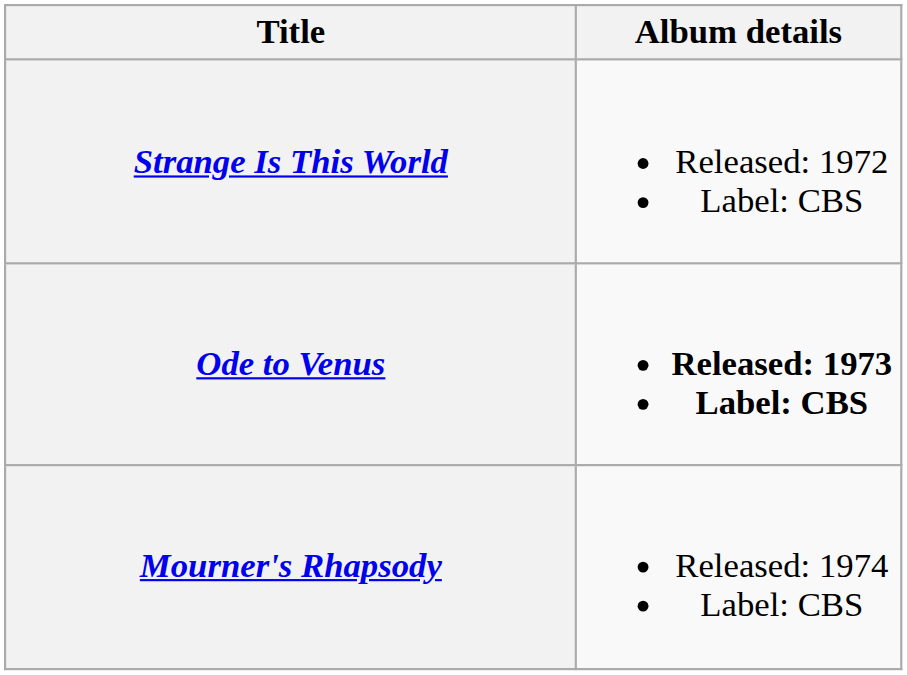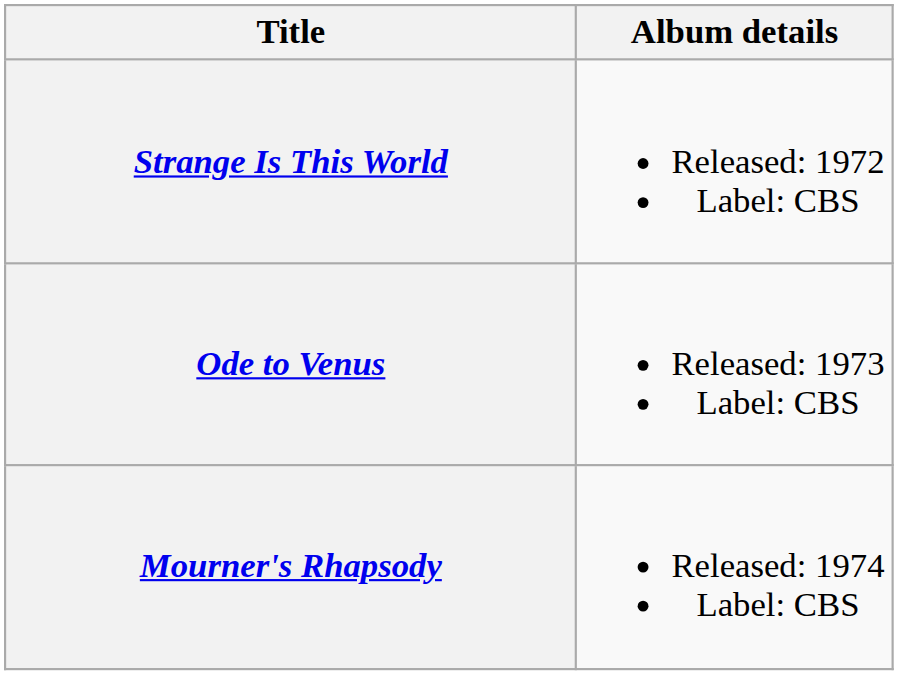 <table class="wikitable plainrowheaders" style="text-align:center;">
 <tr>
 <th scope="col" style="width:16em;">Title</th>
 <th scope="col">Album details</th>
 </tr>
 <tr>
 <th scope="row"><em><a href='#'>Strange Is This World</a></em></th>
 <td><br><ul><li>Released: 1972</li><li>Label: CBS</li></ul></td>
 </tr>
 <tr>
 <th scope="row"><em><a href='#'>Ode to Venus</a></em></th>
-<td><strong><br><ul><li>Released: 1973</li><li>Label: CBS</li></ul></strong></td>
+<td><br><ul><li>Released: 1973</li><li>Label: CBS</li></ul></td>
 </tr>
 <tr>
 <th scope="row"><em><a href='#'>Mourner's Rhapsody</a></em></th>
 <td><br><ul><li>Released: 1974</li><li>Label: CBS</li></ul></td>
 </tr>
 </table>
